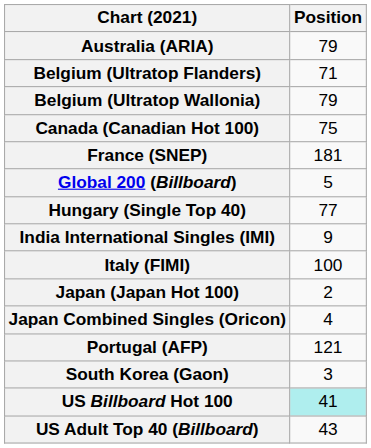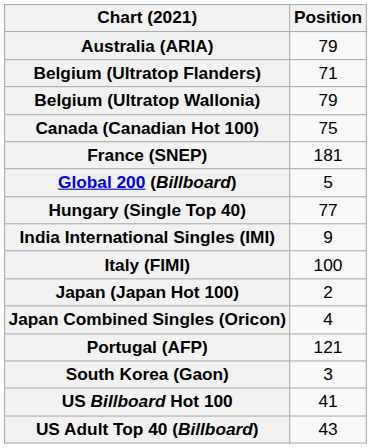 <table class="wikitable sortable plainrowheaders" style="text-align:center;">
 <tr>
 <th scope="col">Chart (2021)</th>
 <th scope="col">Position</th>
 </tr>
 <tr>
 <th scope="row">Australia (ARIA)</th>
 <td>79</td>
 </tr>
 <tr>
 <th scope="row">Belgium (Ultratop Flanders)</th>
 <td>71</td>
 </tr>
 <tr>
 <th scope="row">Belgium (Ultratop Wallonia)</th>
 <td>79</td>
 </tr>
 <tr>
 <th scope="row">Canada (Canadian Hot 100)</th>
 <td>75</td>
 </tr>
 <tr>
 <th scope="row">France (SNEP)</th>
 <td>181</td>
 </tr>
 <tr>
 <th scope="row"><a href='#'>Global 200</a> (<em>Billboard</em>)</th>
 <td>5</td>
 </tr>
 <tr>
 <th scope="row">Hungary (Single Top 40)</th>
 <td>77</td>
 </tr>
 <tr>
 <th scope="row">India International Singles (IMI)</th>
 <td>9</td>
 </tr>
 <tr>
 <th scope="row">Italy (FIMI)</th>
 <td>100</td>
 </tr>
 <tr>
 <th scope="row">Japan (Japan Hot 100)</th>
 <td>2</td>
 </tr>
 <tr>
 <th scope="row">Japan Combined Singles (Oricon)</th>
 <td>4</td>
 </tr>
 <tr>
 <th scope="row">Portugal (AFP)</th>
 <td>121</td>
 </tr>
 <tr>
 <th scope="row">South Korea (Gaon)</th>
 <td>3</td>
 </tr>
 <tr>
 <th scope="row">US <em>Billboard</em> Hot 100</th>
-<td style="background: paleturquoise;">41</td>
+<td>41</td>
 </tr>
 <tr>
 <th scope="row">US Adult Top 40 (<em>Billboard</em>)</th>
 <td>43</td>
 </tr>
 </table>
